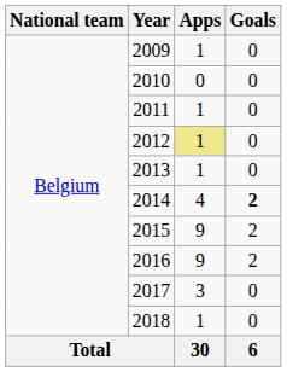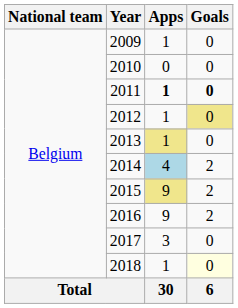 <table class="wikitable" style="text-align:center">
 <tr>
 <th>National team</th>
 <th>Year</th>
 <th>Apps</th>
 <th>Goals</th>
 </tr>
 <tr>
 <td rowspan="10"><a href='#'>Belgium</a></td>
 <td>2009</td>
 <td>1</td>
 <td>0</td>
 </tr>
 <tr>
 <td>2010</td>
 <td>0</td>
 <td>0</td>
 </tr>
 <tr>
 <td>2011</td>
-<td>1</td>
-<td>0</td>
+<td><strong>1</strong></td>
+<td><strong>0</strong></td>
 </tr>
 <tr>
 <td>2012</td>
+<td>1</td>
+<td style="background: khaki;">0</td>
+</tr>
+<tr>
+<td>2013</td>
 <td style="background: khaki;">1</td>
 <td>0</td>
 </tr>
 <tr>
-<td>2013</td>
-<td>1</td>
-<td>0</td>
-</tr>
-<tr>
 <td>2014</td>
-<td>4</td>
-<td><strong>2</strong></td>
+<td style="background: lightblue;">4</td>
+<td>2</td>
 </tr>
 <tr>
 <td>2015</td>
-<td>9</td>
+<td style="background: khaki;">9</td>
 <td>2</td>
 </tr>
 <tr>
 <td>2016</td>
 <td>9</td>
 <td>2</td>
 </tr>
 <tr>
 <td>2017</td>
 <td>3</td>
 <td>0</td>
 </tr>
 <tr>
 <td>2018</td>
 <td>1</td>
-<td>0</td>
+<td style="background: lightyellow;">0</td>
 </tr>
 <tr>
 <th colspan="2">Total</th>
 <th>30</th>
 <th>6</th>
 </tr>
 </table>
